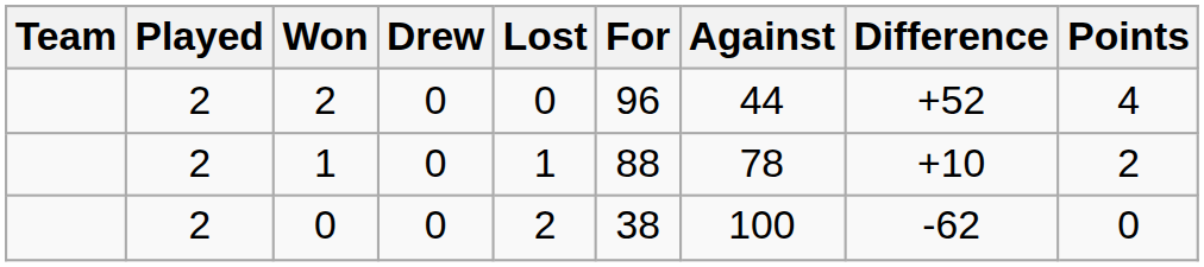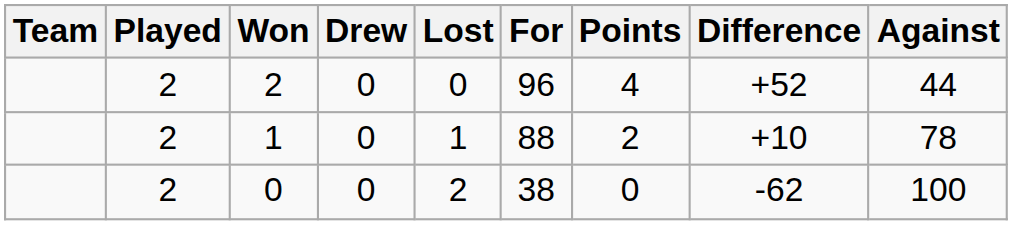 <table class="wikitable" style="text-align:center">
 <tr>
 <th>Team</th>
 <th>Played</th>
 <th>Won</th>
 <th>Drew</th>
 <th>Lost</th>
 <th>For</th>
+<th>Points</th>
+<th>Difference</th>
 <th>Against</th>
-<th>Difference</th>
-<th>Points</th>
 </tr>
 <tr>
 <td align=left></td>
 <td>2</td>
 <td>2</td>
 <td>0</td>
 <td>0</td>
 <td>96</td>
+<td>4</td>
+<td>+52</td>
 <td>44</td>
-<td>+52</td>
-<td>4</td>
 </tr>
 <tr>
 <td align=left></td>
 <td>2</td>
 <td>1</td>
 <td>0</td>
 <td>1</td>
 <td>88</td>
+<td>2</td>
+<td>+10</td>
 <td>78</td>
-<td>+10</td>
-<td>2</td>
 </tr>
 <tr>
 <td align=left></td>
 <td>2</td>
 <td>0</td>
 <td>0</td>
 <td>2</td>
 <td>38</td>
+<td>0</td>
+<td>-62</td>
 <td>100</td>
-<td>-62</td>
-<td>0</td>
 </tr>
 </table>
